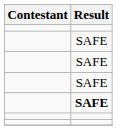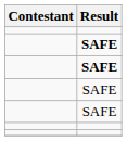 <table class="wikitable" style="font-size:100%; text-align:center"|+>
 <tr>
 <th>Contestant</th>
 <th>Result</th>
 </tr>
 <tr>
 <td></td>
 <td></td>
 </tr>
 <tr>
 <td></td>
-<td>SAFE</td>
+<td><strong>SAFE</strong></td>
+</tr>
+<tr>
+<td></td>
+<td><strong>SAFE</strong></td>
 </tr>
 <tr>
 <td></td>
 <td>SAFE</td>
 </tr>
 <tr>
 <td></td>
 <td>SAFE</td>
-</tr>
-<tr>
-<td></td>
-<td><strong>SAFE</strong></td>
 </tr>
 <tr>
 <td></td>
 <td></td>
 </tr>
 <tr>
 <td></td>
 <td></td>
 </tr>
 <tr>
 </tr>
 </table>
